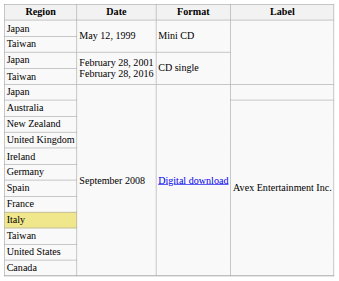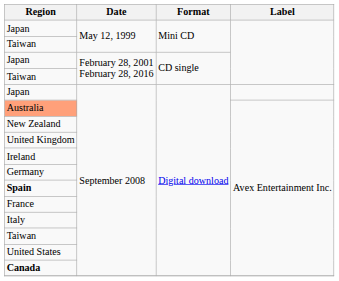 <table class="wikitable plainrowheaders">
 <tr>
 <th scope="col">Region</th>
 <th scope="col">Date</th>
 <th scope="col">Format</th>
 <th scope="col">Label</th>
 </tr>
 <tr>
 <td>Japan</td>
 <td rowspan="2">May 12, 1999</td>
 <td rowspan="2">Mini CD</td>
 <td rowspan="4"></td>
 </tr>
 <tr>
 <td>Taiwan</td>
 </tr>
 <tr>
 <td>Japan</td>
 <td rowspan="2">February 28, 2001<br>February 28, 2016</td>
 <td rowspan="2">CD single</td>
 </tr>
 <tr>
 <td>Taiwan</td>
 </tr>
 <tr>
 <td>Japan</td>
 <td rowspan="12">September 2008</td>
 <td rowspan="12"><a href='#'>Digital download</a></td>
 <td></td>
 </tr>
 <tr>
-<td>Australia</td>
+<td style="background: lightsalmon;">Australia</td>
 <td rowspan="11">Avex Entertainment Inc.</td>
 </tr>
 <tr>
 <td>New Zealand</td>
 </tr>
 <tr>
 <td>United Kingdom</td>
 </tr>
 <tr>
 <td>Ireland</td>
 </tr>
 <tr>
 <td>Germany</td>
 </tr>
 <tr>
-<td>Spain</td>
+<td><strong>Spain</strong></td>
 </tr>
 <tr>
 <td>France</td>
 </tr>
 <tr>
-<td style="background: khaki;">Italy</td>
+<td>Italy</td>
 </tr>
 <tr>
 <td>Taiwan</td>
 </tr>
 <tr>
 <td>United States</td>
 </tr>
 <tr>
-<td>Canada</td>
+<td><strong>Canada</strong></td>
 </tr>
 <tr>
 </tr>
 </table>
